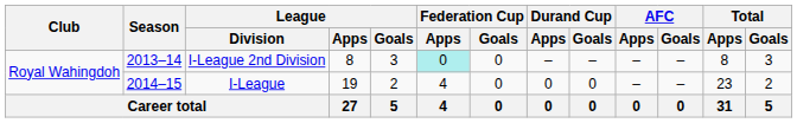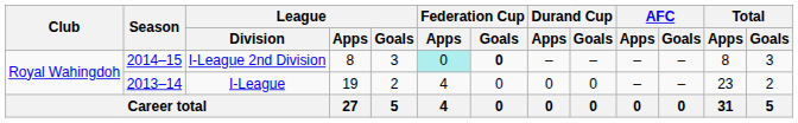 <table class="wikitable" style="font-size:90%; text-align:center;">
 <tr>
 <th rowspan="2">Club</th>
 <th rowspan="2">Season</th>
 <th colspan="3">League</th>
 <th colspan="2">Federation Cup</th>
 <th colspan="2">Durand Cup</th>
 <th colspan="2"><a href='#'>AFC</a></th>
 <th colspan="2">Total</th>
 </tr>
 <tr>
 <th>Division</th>
 <th>Apps</th>
 <th>Goals</th>
 <th>Apps</th>
 <th>Goals</th>
 <th>Apps</th>
 <th>Goals</th>
 <th>Apps</th>
 <th>Goals</th>
 <th>Apps</th>
 <th>Goals</th>
 </tr>
 <tr>
 <td rowspan="2"><a href='#'>Royal Wahingdoh</a></td>
-<td><a href='#'>2013–14</a>   </td>
+<td><a href='#'>2014–15</a></td>
 <td><a href='#'>I-League 2nd Division</a></td>
 <td>8</td>
 <td>3</td>
 <td style="background: paleturquoise;">0</td>
-<td>0</td>
+<td><strong>0</strong></td>
 <td>–</td>
 <td>–</td>
 <td>–</td>
 <td>–</td>
 <td>8</td>
 <td>3</td>
 </tr>
 <tr>
-<td><a href='#'>2014–15</a></td>
+<td><a href='#'>2013–14</a>   </td>
 <td><a href='#'>I-League</a></td>
 <td>19</td>
 <td>2</td>
 <td>4</td>
 <td>0</td>
 <td>0</td>
 <td>0</td>
 <td>–</td>
 <td>–</td>
 <td>23</td>
 <td>2</td>
 </tr>
 <tr>
 <th colspan="3">Career total</th>
 <th>27</th>
 <th>5</th>
 <th>4</th>
 <th>0</th>
 <th>0</th>
 <th>0</th>
 <th>0</th>
 <th>0</th>
 <th>31</th>
 <th>5</th>
 </tr>
 </table>
